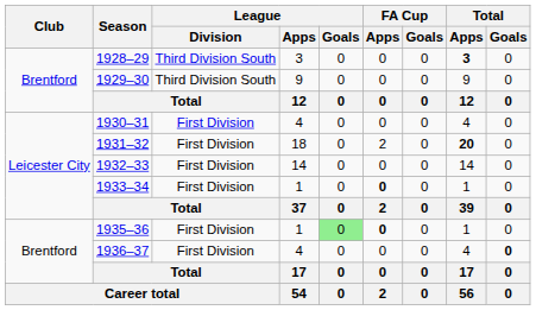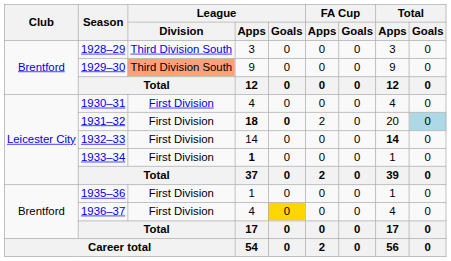 <table class="wikitable" style="text-align: center;">
 <tr>
 <th rowspan="2">Club</th>
 <th rowspan="2">Season</th>
 <th colspan="3">League</th>
 <th colspan="2">FA Cup</th>
 <th colspan="2">Total</th>
 </tr>
 <tr>
 <th>Division</th>
 <th>Apps</th>
 <th>Goals</th>
 <th>Apps</th>
 <th>Goals</th>
 <th>Apps</th>
 <th>Goals</th>
 </tr>
 <tr>
 <td rowspan="3"><a href='#'>Brentford</a></td>
 <td><a href='#'>1928–29</a></td>
 <td><a href='#'>Third Division South</a></td>
 <td>3</td>
 <td>0</td>
 <td>0</td>
 <td>0</td>
-<td><strong>3</strong></td>
+<td>3</td>
 <td>0</td>
 </tr>
 <tr>
 <td><a href='#'>1929–30</a></td>
-<td>Third Division South</td>
+<td style="background: lightsalmon;">Third Division South</td>
 <td>9</td>
 <td>0</td>
 <td>0</td>
 <td>0</td>
 <td>9</td>
 <td>0</td>
 </tr>
 <tr>
 <th colspan="2">Total</th>
 <th>12</th>
 <th>0</th>
 <th>0</th>
 <th>0</th>
 <th>12</th>
 <th>0</th>
 </tr>
 <tr>
 <td rowspan="5"><a href='#'>Leicester City</a></td>
 <td><a href='#'>1930–31</a></td>
 <td><a href='#'>First Division</a></td>
 <td>4</td>
 <td>0</td>
 <td>0</td>
 <td>0</td>
 <td>4</td>
 <td>0</td>
 </tr>
 <tr>
 <td><a href='#'>1931–32</a></td>
 <td>First Division</td>
-<td>18</td>
-<td>0</td>
+<td><strong>18</strong></td>
+<td><strong>0</strong></td>
 <td>2</td>
 <td>0</td>
-<td><strong>20</strong></td>
-<td>0</td>
+<td>20</td>
+<td style="background: lightblue;">0</td>
 </tr>
 <tr>
 <td><a href='#'>1932–33</a></td>
 <td>First Division</td>
 <td>14</td>
 <td>0</td>
 <td>0</td>
 <td>0</td>
-<td>14</td>
+<td><strong>14</strong></td>
 <td>0</td>
 </tr>
 <tr>
 <td><a href='#'>1933–34</a></td>
 <td>First Division</td>
-<td>1</td>
+<td><strong>1</strong></td>
 <td>0</td>
-<td><strong>0</strong></td>
+<td>0</td>
 <td>0</td>
 <td>1</td>
 <td>0</td>
 </tr>
 <tr>
 <th colspan="2">Total</th>
 <th>37</th>
 <th>0</th>
 <th>2</th>
 <th>0</th>
 <th>39</th>
 <th>0</th>
 </tr>
 <tr>
 <td rowspan="3">Brentford</td>
 <td><a href='#'>1935–36</a></td>
 <td>First Division</td>
 <td>1</td>
-<td style="background: lightgreen;">0</td>
-<td><strong>0</strong></td>
+<td>0</td>
+<td>0</td>
 <td>0</td>
 <td>1</td>
 <td>0</td>
 </tr>
 <tr>
 <td><a href='#'>1936–37</a></td>
 <td>First Division</td>
 <td>4</td>
-<td>0</td>
+<td style="background: gold;">0</td>
 <td>0</td>
 <td>0</td>
 <td>4</td>
-<td><strong>0</strong></td>
+<td>0</td>
 </tr>
 <tr>
 <th colspan="2">Total</th>
 <th>17</th>
 <th>0</th>
 <th>0</th>
 <th>0</th>
 <th>17</th>
 <th>0</th>
 </tr>
 <tr>
 <th colspan="3">Career total</th>
 <th>54</th>
 <th>0</th>
 <th>2</th>
 <th>0</th>
 <th>56</th>
 <th>0</th>
 </tr>
 </table>
